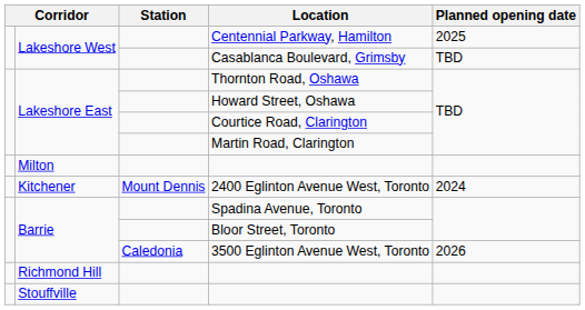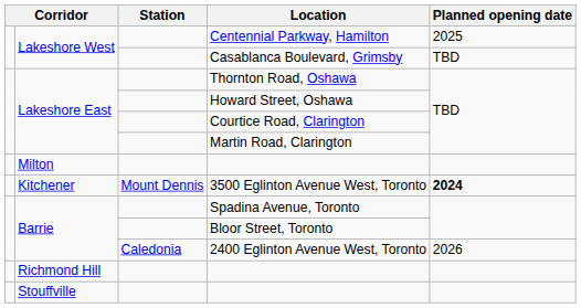 <table class="wikitable sortable">
 <tr>
 <th colspan="3" style="width: 115px;">Corridor</th>
 <th>Station</th>
 <th>Location</th>
 <th>Planned opening date</th>
 </tr>
 <tr>
 <td colspan="2" rowspan="2"> </td>
 <td rowspan="2"><a href='#'>Lakeshore West</a></td>
 <td></td>
 <td><a href='#'>Centennial Parkway</a>, <a href='#'>Hamilton</a></td>
 <td>2025</td>
 </tr>
 <tr>
 <td></td>
 <td>Casablanca Boulevard, <a href='#'>Grimsby</a></td>
 <td>TBD</td>
 </tr>
 <tr>
 <td colspan="2" rowspan="4"> </td>
 <td rowspan="4"><a href='#'>Lakeshore East</a></td>
 <td></td>
 <td>Thornton Road, <a href='#'>Oshawa</a></td>
 <td rowspan="4">TBD</td>
 </tr>
 <tr>
 <td></td>
 <td>Howard Street, Oshawa</td>
 </tr>
 <tr>
 <td></td>
 <td>Courtice Road, <a href='#'>Clarington</a></td>
 </tr>
 <tr>
 <td></td>
 <td>Martin Road, Clarington</td>
 </tr>
 <tr>
 <td colspan="2"> </td>
 <td><a href='#'>Milton</a></td>
 <td></td>
 <td></td>
 <td></td>
 </tr>
 <tr>
 <td colspan="2"> </td>
 <td><a href='#'>Kitchener</a></td>
 <td><a href='#'>Mount Dennis</a></td>
-<td>2400 Eglinton Avenue West, Toronto</td>
-<td>2024</td>
+<td>3500 Eglinton Avenue West, Toronto</td>
+<td><strong>2024</strong></td>
 </tr>
 <tr>
 <td colspan="2" rowspan="3"> </td>
 <td rowspan="3"><a href='#'>Barrie</a></td>
 <td></td>
 <td>Spadina Avenue, Toronto</td>
 <td rowspan="2"></td>
 </tr>
 <tr>
 <td></td>
 <td>Bloor Street, Toronto</td>
 </tr>
 <tr>
 <td><a href='#'>Caledonia</a></td>
-<td>3500 Eglinton Avenue West, Toronto</td>
+<td>2400 Eglinton Avenue West, Toronto</td>
 <td>2026</td>
 </tr>
 <tr>
 <td colspan="2"> </td>
 <td><a href='#'>Richmond Hill</a></td>
 <td></td>
 <td></td>
 <td></td>
 </tr>
 <tr>
 <td colspan="2"> </td>
 <td><a href='#'>Stouffville</a></td>
 <td></td>
 <td></td>
 <td></td>
 </tr>
 </table>
